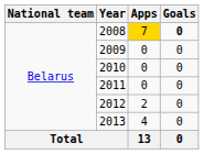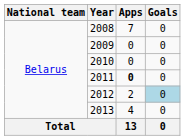 <table class="wikitable" style="text-align:center">
 <tr>
 <th>National team</th>
 <th>Year</th>
 <th>Apps</th>
 <th>Goals</th>
 </tr>
 <tr>
 <td rowspan="6"><a href='#'>Belarus</a></td>
 <td>2008</td>
-<td style="background: gold;">7</td>
-<td><strong>0</strong></td>
+<td>7</td>
+<td>0</td>
 </tr>
 <tr>
 <td>2009</td>
 <td>0</td>
 <td>0</td>
 </tr>
 <tr>
 <td>2010</td>
 <td>0</td>
 <td>0</td>
 </tr>
 <tr>
 <td>2011</td>
-<td>0</td>
+<td><strong>0</strong></td>
 <td>0</td>
 </tr>
 <tr>
 <td>2012</td>
 <td>2</td>
-<td>0</td>
+<td style="background: lightblue;">0</td>
 </tr>
 <tr>
 <td>2013</td>
 <td>4</td>
 <td>0</td>
 </tr>
 <tr>
 <th colspan="2">Total</th>
 <th>13</th>
 <th>0</th>
 </tr>
 </table>
